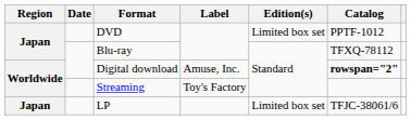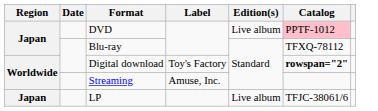 <table class="wikitable plainrowheaders">
 <tr>
 <th scope="col">Region</th>
 <th scope="col">Date</th>
 <th scope="col">Format</th>
 <th scope="col">Label</th>
 <th scope="col">Edition(s)</th>
 <th scope="col">Catalog</th>
 <th scope="col"></th>
 </tr>
 <tr>
 <th scope="row" rowspan="2">Japan</th>
 <td></td>
 <td>DVD</td>
 <td rowspan="2"></td>
-<td>Limited box set</td>
-<td>PPTF-1012</td>
+<td>Live album</td>
+<td style="background: pink;">PPTF-1012</td>
 <td></td>
 </tr>
 <tr>
 <td rowspan="2"></td>
 <td>Blu-ray</td>
 <td rowspan="3">Standard</td>
 <td>TFXQ-78112</td>
 <td></td>
 </tr>
 <tr>
 <th scope="row" rowspan="2">Worldwide</th>
 <td>Digital download</td>
-<td>Amuse, Inc.</td>
+<td>Toy's Factory</td>
 <td><strong>rowspan="2" </strong></td>
 <td></td>
 </tr>
 <tr>
 <td></td>
 <td><a href='#'>Streaming</a></td>
-<td>Toy's Factory</td>
+<td>Amuse, Inc.</td>
 <td></td>
 </tr>
 <tr>
 <th scope="row">Japan</th>
 <td></td>
 <td>LP</td>
 <td></td>
-<td>Limited box set</td>
+<td>Live album</td>
 <td>TFJC-38061/6</td>
 <td></td>
 </tr>
 </table>
